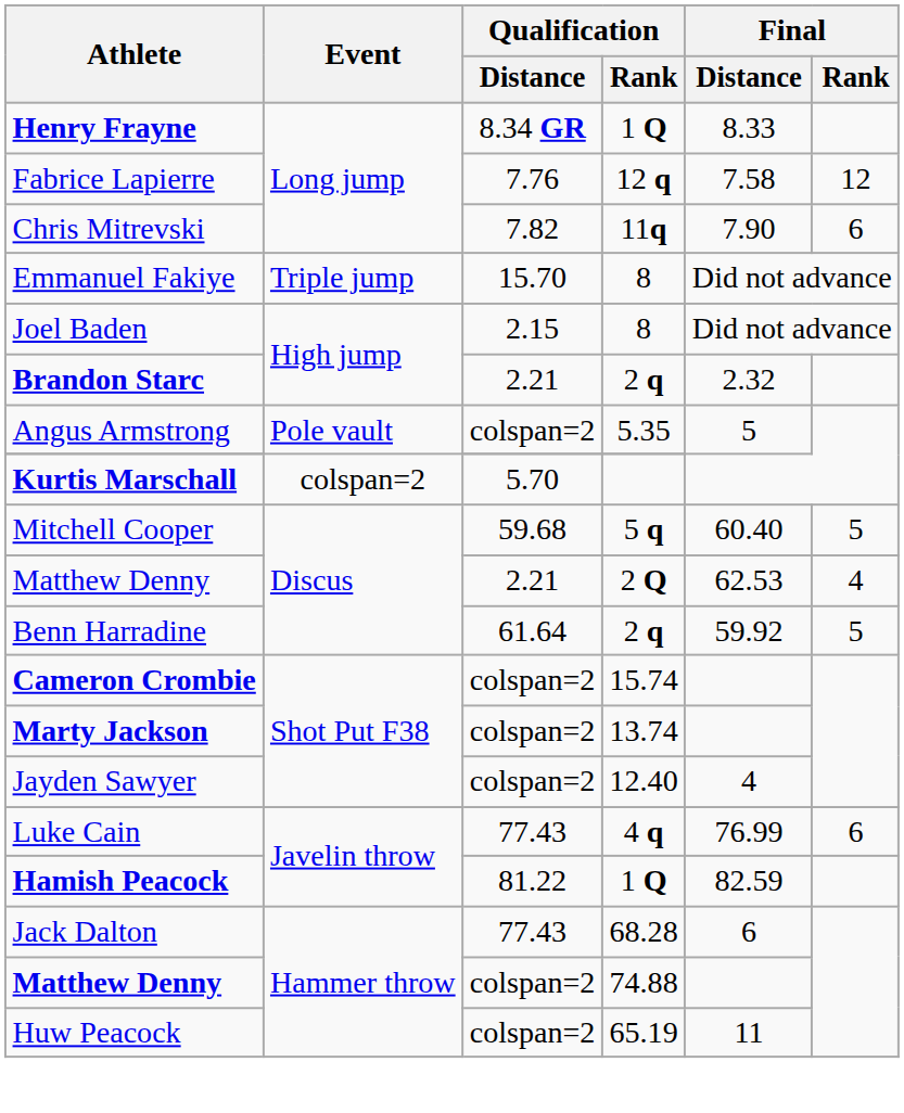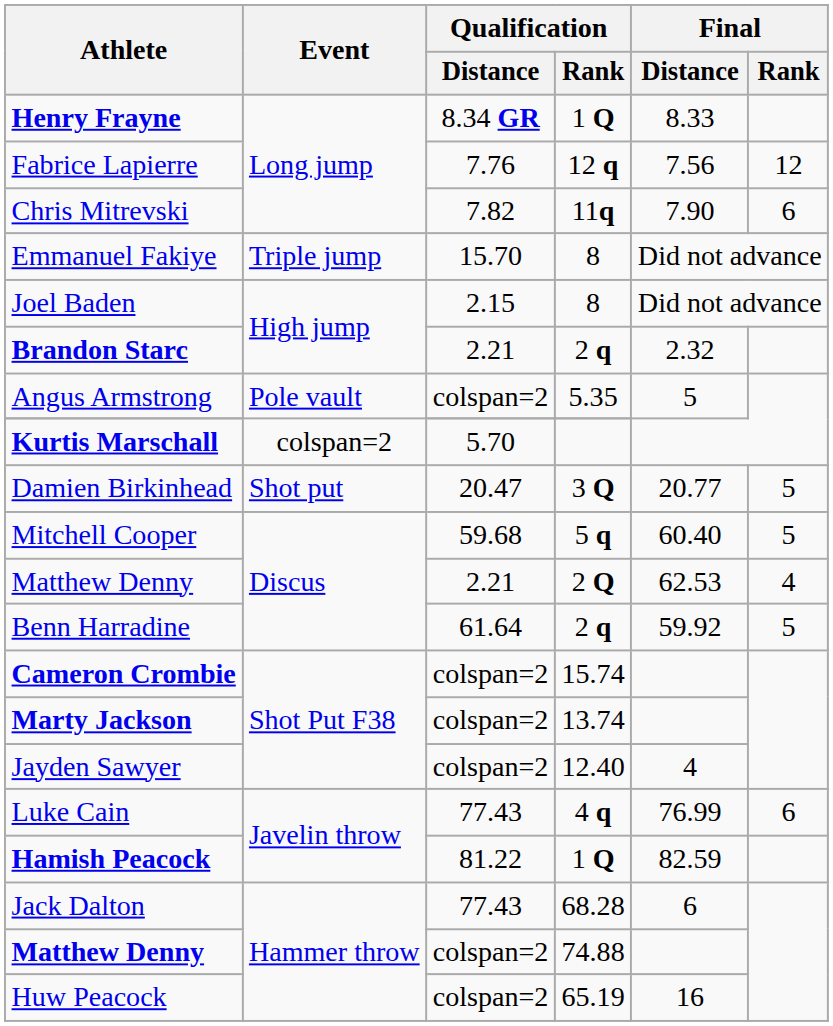 <table class=wikitable style=font-size:90%;text-align:center>
 <tr>
 <th rowspan=2>Athlete</th>
 <th rowspan=2>Event</th>
 <th colspan=2>Qualification</th>
 <th colspan=2>Final</th>
 </tr>
 <tr style=font-size:95%>
 <th>Distance</th>
 <th>Rank</th>
 <th>Distance</th>
 <th>Rank</th>
 </tr>
 <tr>
 <td align=left><strong><a href='#'>Henry Frayne</a></strong></td>
 <td align=left rowspan=3><a href='#'>Long jump</a></td>
 <td>8.34 <a href='#'><strong>GR</strong></a></td>
 <td>1 <strong>Q</strong></td>
 <td>8.33</td>
 <td></td>
 </tr>
 <tr>
 <td align=left><a href='#'>Fabrice Lapierre</a></td>
 <td>7.76</td>
 <td>12 <strong>q</strong></td>
-<td>7.58</td>
+<td>7.56</td>
 <td>12</td>
 </tr>
 <tr>
 <td align=left><a href='#'>Chris Mitrevski</a></td>
 <td>7.82</td>
 <td>11<strong>q</strong></td>
 <td>7.90</td>
 <td>6</td>
 </tr>
 <tr>
 <td align=left><a href='#'>Emmanuel Fakiye</a></td>
 <td align=left><a href='#'>Triple jump</a></td>
 <td>15.70</td>
 <td>8</td>
 <td colspan=2>Did not advance</td>
 </tr>
 <tr>
 <td align=left><a href='#'>Joel Baden</a></td>
 <td align=left rowspan=2><a href='#'>High jump</a></td>
 <td>2.15</td>
 <td>8</td>
 <td colspan=2>Did not advance</td>
 </tr>
 <tr>
 <td align=left><strong><a href='#'>Brandon Starc</a></strong></td>
 <td>2.21</td>
 <td>2 <strong>q</strong></td>
 <td>2.32</td>
 <td></td>
 </tr>
 <tr>
 <td align=left><a href='#'>Angus Armstrong</a></td>
 <td align=left rowspan=2><a href='#'>Pole vault</a></td>
 <td>colspan=2 </td>
 <td>5.35</td>
 <td>5</td>
 </tr>
 <tr>
 </tr>
 <tr>
 <td align=left><strong><a href='#'>Kurtis Marschall</a></strong></td>
 <td>colspan=2 </td>
 <td>5.70</td>
 <td></td>
+</tr>
+<tr>
+<td align=left><a href='#'>Damien Birkinhead</a></td>
+<td align=left><a href='#'>Shot put</a></td>
+<td>20.47</td>
+<td>3 <strong>Q</strong></td>
+<td>20.77</td>
+<td>5</td>
 </tr>
 <tr>
 <td align=left><a href='#'>Mitchell Cooper</a></td>
 <td align=left rowspan=3><a href='#'>Discus</a></td>
 <td>59.68</td>
 <td>5 <strong>q</strong></td>
 <td>60.40</td>
 <td>5</td>
 </tr>
 <tr>
 <td align=left><a href='#'>Matthew Denny</a></td>
 <td>2.21</td>
 <td>2 <strong>Q</strong></td>
 <td>62.53</td>
 <td>4</td>
 </tr>
 <tr>
 <td align=left><a href='#'>Benn Harradine</a></td>
 <td>61.64</td>
 <td>2 <strong>q</strong></td>
 <td>59.92</td>
 <td>5</td>
 </tr>
 <tr>
 <td align=left><strong><a href='#'>Cameron Crombie</a></strong></td>
 <td align=left rowspan=3><a href='#'>Shot Put F38</a></td>
 <td>colspan=2 </td>
 <td>15.74</td>
 <td></td>
 </tr>
 <tr>
 <td align=left><strong><a href='#'>Marty Jackson</a></strong></td>
 <td>colspan=2 </td>
 <td>13.74</td>
 <td></td>
 </tr>
 <tr>
 <td align=left><a href='#'>Jayden Sawyer</a></td>
 <td>colspan=2 </td>
 <td>12.40</td>
 <td>4</td>
 </tr>
 <tr>
 <td align=left><a href='#'>Luke Cain</a></td>
 <td align=left rowspan=2><a href='#'>Javelin throw</a></td>
 <td>77.43</td>
 <td>4 <strong>q</strong></td>
 <td>76.99</td>
 <td>6</td>
 </tr>
 <tr>
 <td align=left><strong><a href='#'>Hamish Peacock</a></strong></td>
 <td>81.22</td>
 <td>1 <strong>Q</strong></td>
 <td>82.59</td>
 <td></td>
 </tr>
 <tr>
 <td align=left><a href='#'>Jack Dalton</a></td>
 <td align=left rowspan=3><a href='#'>Hammer throw</a></td>
 <td>77.43</td>
 <td>68.28</td>
 <td>6</td>
 </tr>
 <tr>
 <td align=left><strong><a href='#'>Matthew Denny</a></strong></td>
 <td>colspan=2 </td>
 <td>74.88</td>
 <td></td>
 </tr>
 <tr>
 <td align=left><a href='#'>Huw Peacock</a></td>
 <td>colspan=2 </td>
 <td>65.19</td>
-<td>11</td>
+<td>16</td>
 </tr>
 </table>
